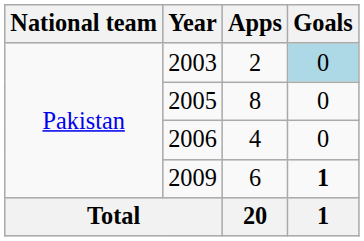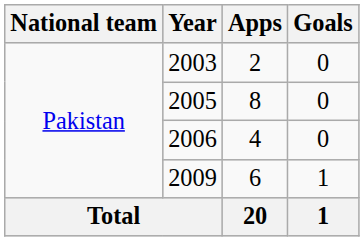 <table class="wikitable" style="text-align:center">
 <tr>
 <th>National team</th>
 <th>Year</th>
 <th>Apps</th>
 <th>Goals</th>
 </tr>
 <tr>
 <td rowspan="4"><a href='#'>Pakistan</a></td>
 <td>2003</td>
 <td>2</td>
-<td style="background: lightblue;">0</td>
+<td>0</td>
 </tr>
 <tr>
 <td>2005</td>
 <td>8</td>
 <td>0</td>
 </tr>
 <tr>
 <td>2006</td>
 <td>4</td>
 <td>0</td>
 </tr>
 <tr>
 <td>2009</td>
 <td>6</td>
-<td><strong>1</strong></td>
+<td>1</td>
 </tr>
 <tr>
 <th colspan="2">Total</th>
 <th>20</th>
 <th>1</th>
 </tr>
 </table>
